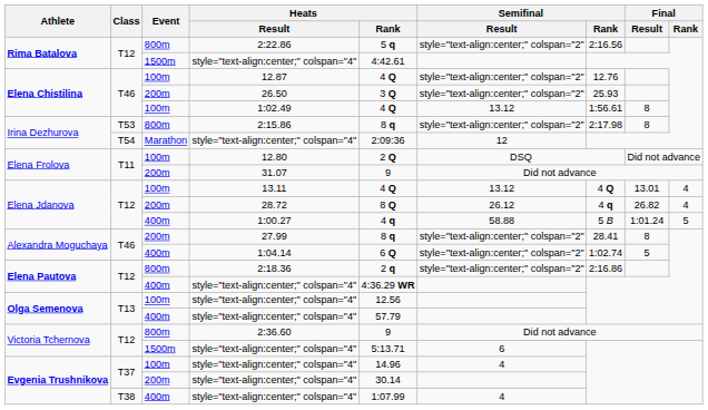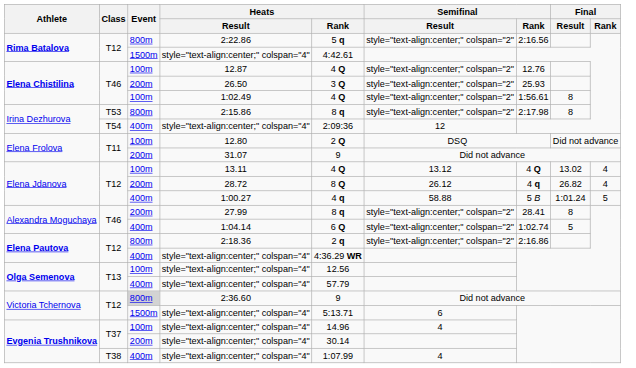 <table class=wikitable style="font-size:90%">
 <tr>
 <th rowspan="2">Athlete</th>
 <th rowspan="2">Class</th>
 <th rowspan="2">Event</th>
 <th colspan="2">Heats</th>
 <th colspan="2">Semifinal</th>
 <th colspan="2">Final</th>
 </tr>
 <tr>
 <th>Result</th>
 <th>Rank</th>
 <th>Result</th>
 <th>Rank</th>
 <th>Result</th>
 <th>Rank</th>
 </tr>
 <tr>
 <td rowspan="2"><strong><a href='#'>Rima Batalova</a></strong></td>
 <td rowspan="2" style="text-align:center;">T12</td>
 <td><a href='#'>800m</a></td>
 <td style="text-align:center;">2:22.86</td>
 <td style="text-align:center;">5 <strong>q</strong></td>
 <td>style="text-align:center;" colspan="2" </td>
 <td style="text-align:center;">2:16.56</td>
 <td style="text-align:center;"></td>
 </tr>
 <tr>
 <td><a href='#'>1500m</a></td>
 <td>style="text-align:center;" colspan="4" </td>
 <td style="text-align:center;">4:42.61</td>
 <td style="text-align:center;"></td>
 </tr>
 <tr>
 <td rowspan="3"><strong><a href='#'>Elena Chistilina</a></strong></td>
 <td rowspan="3" style="text-align:center;">T46</td>
 <td><a href='#'>100m</a></td>
 <td style="text-align:center;">12.87</td>
 <td style="text-align:center;">4 <strong>Q</strong></td>
 <td>style="text-align:center;" colspan="2" </td>
 <td style="text-align:center;">12.76</td>
 <td style="text-align:center;"></td>
 </tr>
 <tr>
 <td><a href='#'>200m</a></td>
 <td style="text-align:center;">26.50</td>
 <td style="text-align:center;">3 <strong>Q</strong></td>
 <td>style="text-align:center;" colspan="2" </td>
 <td style="text-align:center;">25.93</td>
 <td style="text-align:center;"></td>
 </tr>
 <tr>
 <td><a href='#'>100m</a></td>
 <td style="text-align:center;">1:02.49</td>
 <td style="text-align:center;">4 <strong>Q</strong></td>
-<td style="text-align:center;">13.12</td>
+<td>style="text-align:center;" colspan="2" </td>
 <td style="text-align:center;">1:56.61</td>
 <td style="text-align:center;">8</td>
 </tr>
 <tr>
 <td rowspan="2"><a href='#'>Irina Dezhurova</a></td>
 <td style="text-align:center;">T53</td>
 <td><a href='#'>800m</a></td>
 <td style="text-align:center;">2:15.86</td>
 <td style="text-align:center;">8 <strong>q</strong></td>
 <td>style="text-align:center;" colspan="2" </td>
 <td style="text-align:center;">2:17.98</td>
 <td style="text-align:center;">8</td>
 </tr>
 <tr>
 <td style="text-align:center;">T54</td>
-<td><a href='#'>Marathon</a></td>
+<td><a href='#'>400m</a></td>
 <td>style="text-align:center;" colspan="4" </td>
 <td style="text-align:center;">2:09:36</td>
 <td style="text-align:center;">12</td>
 </tr>
 <tr>
 <td rowspan="2"><a href='#'>Elena Frolova</a></td>
 <td rowspan="2" style="text-align:center;">T11</td>
 <td><a href='#'>100m</a></td>
 <td style="text-align:center;">12.80</td>
 <td style="text-align:center;">2 <strong>Q</strong></td>
 <td style="text-align:center;" colspan="2">DSQ</td>
 <td style="text-align:center;" colspan="2">Did not advance</td>
 </tr>
 <tr>
 <td><a href='#'>200m</a></td>
 <td style="text-align:center;">31.07</td>
 <td style="text-align:center;">9</td>
 <td style="text-align:center;" colspan="4">Did not advance</td>
 </tr>
 <tr>
 <td rowspan="3"><a href='#'>Elena Jdanova</a></td>
 <td rowspan="3" style="text-align:center;">T12</td>
 <td><a href='#'>100m</a></td>
 <td style="text-align:center;">13.11</td>
 <td style="text-align:center;">4 <strong>Q</strong></td>
 <td style="text-align:center;">13.12</td>
 <td style="text-align:center;">4 <strong>Q</strong></td>
-<td style="text-align:center;">13.01</td>
+<td style="text-align:center;">13.02</td>
 <td style="text-align:center;">4</td>
 </tr>
 <tr>
 <td><a href='#'>200m</a></td>
 <td style="text-align:center;">28.72</td>
 <td style="text-align:center;">8 <strong>Q</strong></td>
 <td style="text-align:center;">26.12</td>
 <td style="text-align:center;">4 <strong>q</strong></td>
 <td style="text-align:center;">26.82</td>
 <td style="text-align:center;">4</td>
 </tr>
 <tr>
 <td><a href='#'>400m</a></td>
 <td style="text-align:center;">1:00.27</td>
 <td style="text-align:center;">4 <strong>q</strong></td>
 <td style="text-align:center;">58.88</td>
 <td style="text-align:center;">5 <em>B</em></td>
 <td style="text-align:center;">1:01.24</td>
 <td style="text-align:center;">5</td>
 </tr>
 <tr>
 <td rowspan="2"><a href='#'>Alexandra Moguchaya</a></td>
 <td rowspan="2" style="text-align:center;">T46</td>
 <td><a href='#'>200m</a></td>
 <td style="text-align:center;">27.99</td>
 <td style="text-align:center;">8 <strong>q</strong></td>
 <td>style="text-align:center;" colspan="2" </td>
 <td style="text-align:center;">28.41</td>
 <td style="text-align:center;">8</td>
 </tr>
 <tr>
 <td><a href='#'>400m</a></td>
 <td style="text-align:center;">1:04.14</td>
 <td style="text-align:center;">6 <strong>Q</strong></td>
 <td>style="text-align:center;" colspan="2" </td>
 <td style="text-align:center;">1:02.74</td>
 <td style="text-align:center;">5</td>
 </tr>
 <tr>
 <td rowspan="2"><strong><a href='#'>Elena Pautova</a></strong></td>
 <td rowspan="2" style="text-align:center;">T12</td>
 <td><a href='#'>800m</a></td>
 <td style="text-align:center;">2:18.36</td>
 <td style="text-align:center;">2 <strong>q</strong></td>
 <td>style="text-align:center;" colspan="2" </td>
 <td style="text-align:center;">2:16.86</td>
 <td style="text-align:center;"></td>
 </tr>
 <tr>
 <td><a href='#'>400m</a></td>
 <td>style="text-align:center;" colspan="4" </td>
 <td style="text-align:center;">4:36.29 <strong>WR</strong></td>
 <td style="text-align:center;"></td>
 </tr>
 <tr>
 <td rowspan="2"><strong><a href='#'>Olga Semenova</a></strong></td>
 <td rowspan="2" style="text-align:center;">T13</td>
 <td><a href='#'>100m</a></td>
 <td>style="text-align:center;" colspan="4" </td>
 <td style="text-align:center;">12.56</td>
 <td style="text-align:center;"></td>
 </tr>
 <tr>
 <td><a href='#'>400m</a></td>
 <td>style="text-align:center;" colspan="4" </td>
 <td style="text-align:center;">57.79</td>
 <td style="text-align:center;"></td>
 </tr>
 <tr>
 <td rowspan="2"><a href='#'>Victoria Tchernova</a></td>
 <td rowspan="2" style="text-align:center;">T12</td>
-<td><a href='#'>800m</a></td>
+<td style="background: lightgrey;"><a href='#'>800m</a></td>
 <td style="text-align:center;">2:36.60</td>
 <td style="text-align:center;">9</td>
 <td style="text-align:center;" colspan="4">Did not advance</td>
 </tr>
 <tr>
 <td><a href='#'>1500m</a></td>
 <td>style="text-align:center;" colspan="4" </td>
 <td style="text-align:center;">5:13.71</td>
 <td style="text-align:center;">6</td>
 </tr>
 <tr>
 <td rowspan="3"><strong><a href='#'>Evgenia Trushnikova</a></strong></td>
 <td rowspan="2" style="text-align:center;">T37</td>
 <td><a href='#'>100m</a></td>
 <td>style="text-align:center;" colspan="4" </td>
 <td style="text-align:center;">14.96</td>
 <td style="text-align:center;">4</td>
 </tr>
 <tr>
 <td><a href='#'>200m</a></td>
 <td>style="text-align:center;" colspan="4" </td>
 <td style="text-align:center;">30.14</td>
 <td style="text-align:center;"></td>
 </tr>
 <tr>
 <td style="text-align:center;">T38</td>
 <td><a href='#'>400m</a></td>
 <td>style="text-align:center;" colspan="4" </td>
 <td style="text-align:center;">1:07.99</td>
 <td style="text-align:center;">4</td>
 </tr>
 </table>
